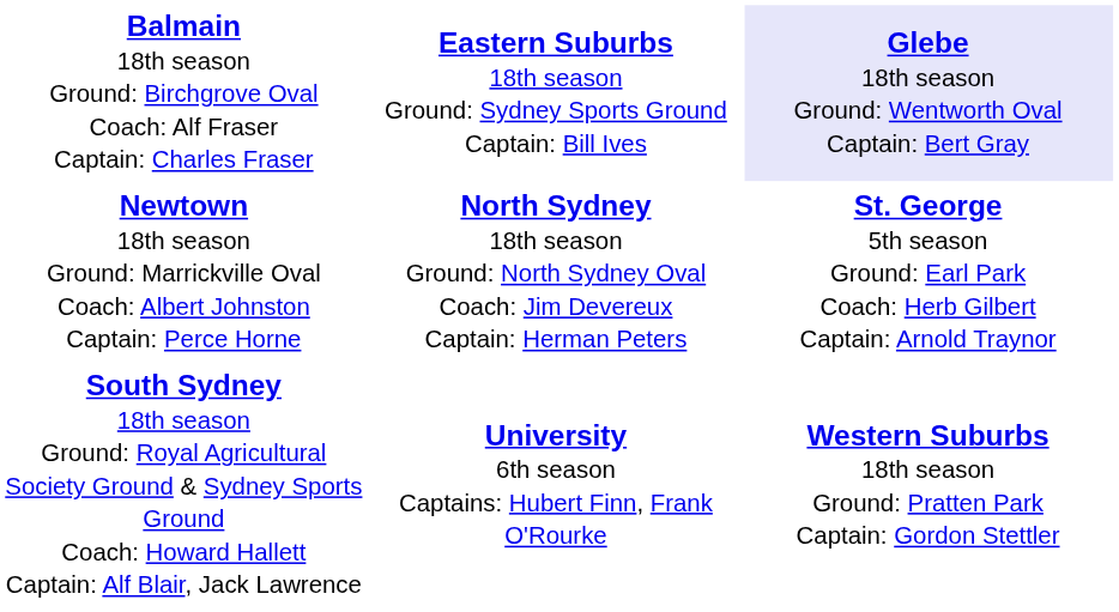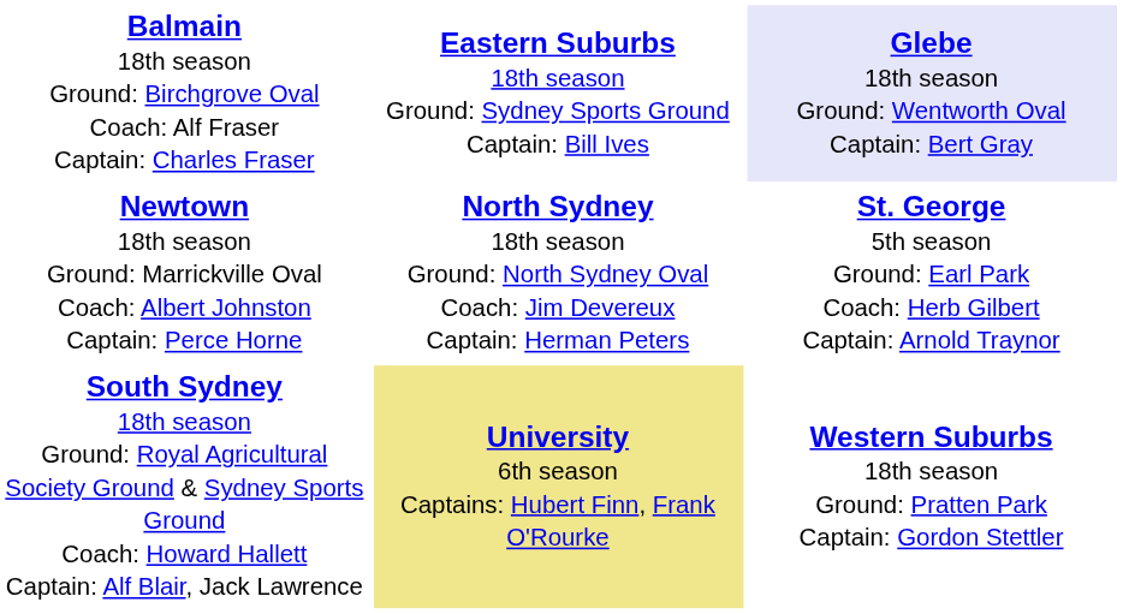 <table class="toccolours" style="margin:auto; text-valign:center;" cellpadding="3" cellspacing="2">
 <tr>
 <th width=195></th>
 <th width=195></th>
 <th width=195></th>
 </tr>
 <tr>
 <td style="text-align:center;"><strong><a href='#'>Balmain</a></strong><br><small>18th season<br>Ground: <a href='#'>Birchgrove Oval</a><br>Coach: Alf Fraser<br>Captain: <a href='#'>Charles Fraser</a></small></td>
 <td style="text-align:center;"><strong><a href='#'>Eastern Suburbs</a></strong><br><small><a href='#'>18th season</a><br>Ground: <a href='#'>Sydney Sports Ground</a><br>Captain: <a href='#'>Bill Ives</a></small></td>
 <td style="background: lavender; text-align:center;"><strong><a href='#'>Glebe</a></strong><br><small>18th season<br>Ground: <a href='#'>Wentworth Oval</a><br>Captain: <a href='#'>Bert Gray</a></small></td>
 </tr>
 <tr>
 <td style="text-align:center;"><strong><a href='#'>Newtown</a></strong><br><small>18th season<br>Ground: Marrickville Oval<br>Coach: <a href='#'>Albert Johnston</a><br>Captain: <a href='#'>Perce Horne</a></small></td>
 <td style="text-align:center;"><strong><a href='#'>North Sydney</a></strong><br><small>18th season<br>Ground: <a href='#'>North Sydney Oval</a><br>Coach: <a href='#'>Jim Devereux</a><br>Captain: <a href='#'>Herman Peters</a></small></td>
 <td style="text-align:center;"><strong><a href='#'>St. George</a></strong><br><small>5th season<br>Ground: <a href='#'>Earl Park</a><br>Coach: <a href='#'>Herb Gilbert</a><br>Captain: <a href='#'>Arnold Traynor</a></small></td>
 </tr>
 <tr>
 <td style="text-align:center;"><strong><a href='#'>South Sydney</a></strong><br><small><a href='#'>18th season</a><br>Ground:  <a href='#'>Royal Agricultural Society Ground</a> & <a href='#'>Sydney Sports Ground</a><br>Coach: <a href='#'>Howard Hallett</a><br>Captain: <a href='#'>Alf Blair</a>, Jack Lawrence</small></td>
-<td style="text-align:center;"><strong><a href='#'>University</a></strong><br><small>6th season<br>Captains: <a href='#'>Hubert Finn</a>, <a href='#'>Frank O'Rourke</a></small></td>
+<td style="background: khaki; text-align:center;"><strong><a href='#'>University</a></strong><br><small>6th season<br>Captains: <a href='#'>Hubert Finn</a>, <a href='#'>Frank O'Rourke</a></small></td>
 <td style="text-align:center;"><strong><a href='#'>Western Suburbs</a></strong><br><small>18th season<br>Ground: <a href='#'>Pratten Park</a><br>Captain: <a href='#'>Gordon Stettler</a></small></td>
 </tr>
 </table>
